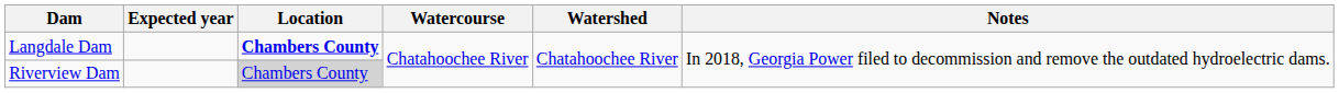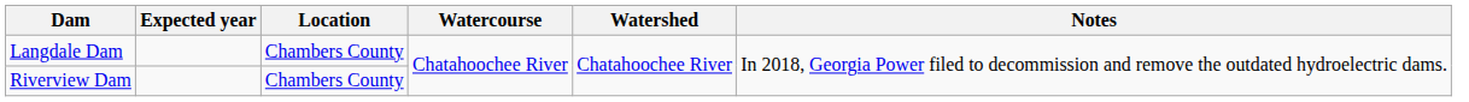 <table class="wikitable sortable">
 <tr>
 <th>Dam</th>
 <th>Expected year</th>
 <th>Location</th>
 <th>Watercourse</th>
 <th>Watershed</th>
 <th>Notes</th>
 </tr>
 <tr>
 <td><a href='#'>Langdale Dam</a></td>
 <td></td>
-<td><strong><a href='#'>Chambers County</a><br></strong></td>
+<td><a href='#'>Chambers County</a><br></td>
 <td rowspan=2><a href='#'>Chatahoochee River</a></td>
 <td rowspan=2><a href='#'>Chatahoochee River</a></td>
 <td rowspan=2>In 2018, <a href='#'>Georgia Power</a> filed to decommission and remove the outdated hydroelectric dams.</td>
 </tr>
 <tr>
 <td><a href='#'>Riverview Dam</a></td>
 <td></td>
-<td style="background: lightgrey;"><a href='#'>Chambers County</a><br></td>
+<td><a href='#'>Chambers County</a><br></td>
 </tr>
 </table>
